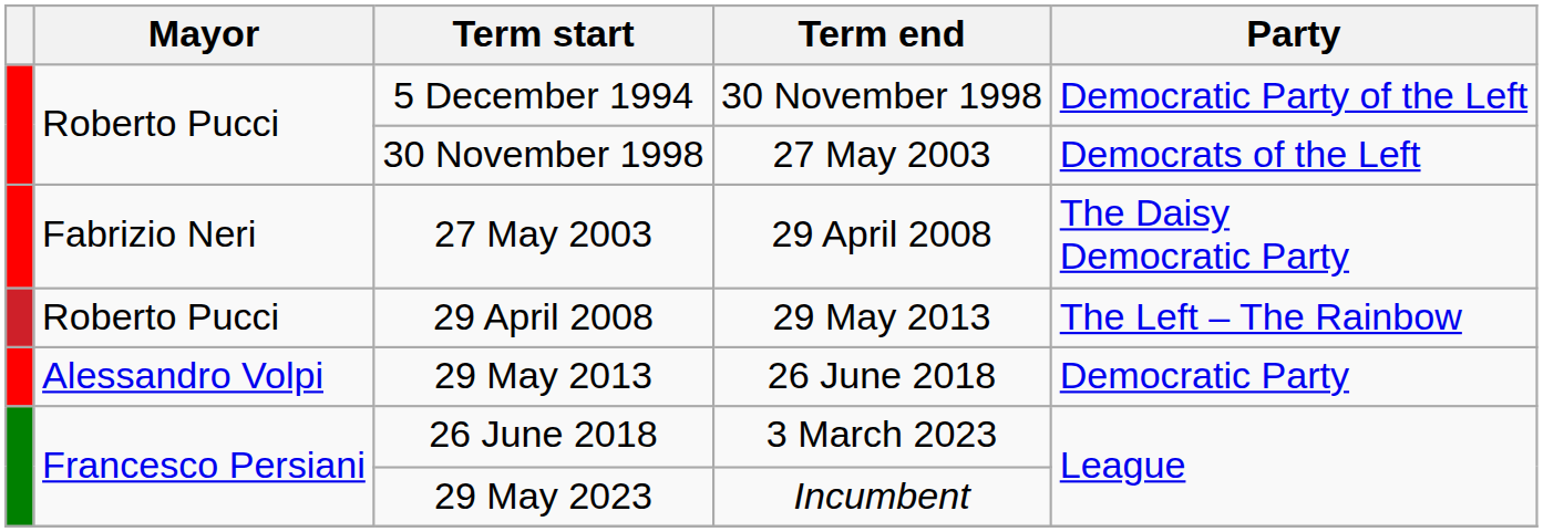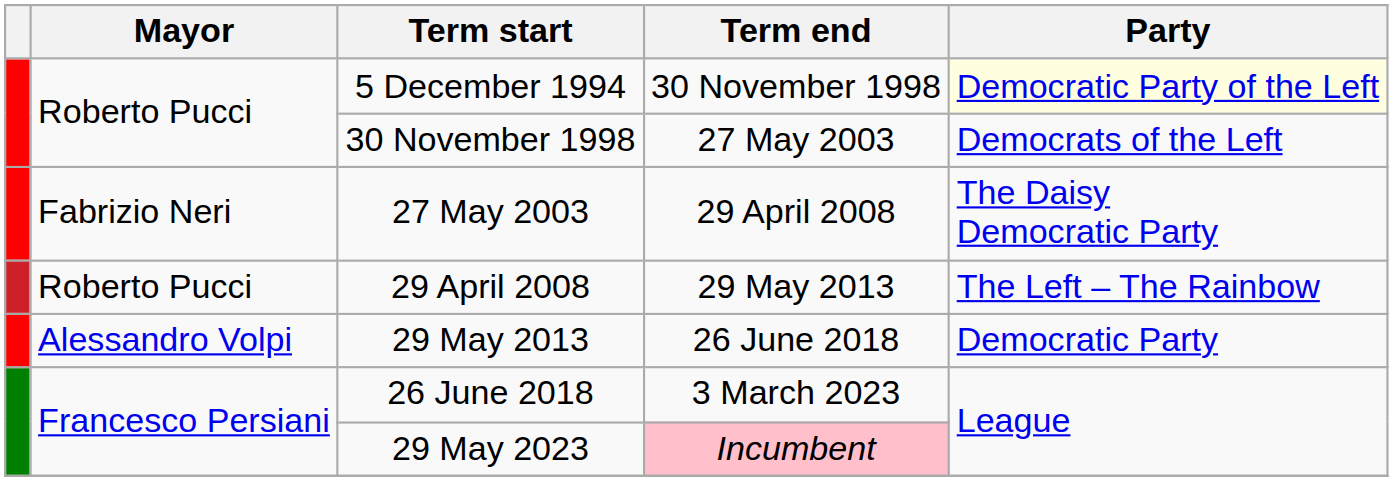 <table class="wikitable">
 <tr>
 <th class=unsortable> </th>
 <th>Mayor</th>
 <th>Term start</th>
 <th>Term end</th>
 <th>Party</th>
 </tr>
 <tr>
 <th rowspan=2 style="background:#FF0000;"></th>
 <td rowspan=2>Roberto Pucci</td>
 <td align=center>5 December 1994</td>
 <td align=center>30 November 1998</td>
-<td><a href='#'>Democratic Party of the Left</a></td>
+<td style="background: lightyellow;"><a href='#'>Democratic Party of the Left</a></td>
 </tr>
 <tr>
 <td align=center>30 November 1998</td>
 <td align=center>27 May 2003</td>
 <td><a href='#'>Democrats of the Left</a></td>
 </tr>
 <tr>
 <th style="background:#FF0000;"></th>
 <td>Fabrizio Neri</td>
 <td align=center>27 May 2003</td>
 <td align=center>29 April 2008</td>
 <td><a href='#'>The Daisy</a><br><a href='#'>Democratic Party</a></td>
 </tr>
 <tr>
 <th style="background:#CE2029;"></th>
 <td>Roberto Pucci</td>
 <td align=center>29 April 2008</td>
 <td align=center>29 May 2013</td>
 <td><a href='#'>The Left – The Rainbow</a></td>
 </tr>
 <tr>
 <th style="background:#FF0000;"></th>
 <td><a href='#'>Alessandro Volpi</a></td>
 <td align=center>29 May 2013</td>
 <td align=center>26 June 2018</td>
 <td><a href='#'>Democratic Party</a></td>
 </tr>
 <tr>
 <th rowspan=2  style="background:#008000;"></th>
 <td rowspan=2><a href='#'>Francesco Persiani</a></td>
 <td align=center>26 June 2018</td>
 <td align=center>3 March 2023</td>
 <td rowspan=2><a href='#'>League</a></td>
 </tr>
 <tr>
 <td align=center>29 May 2023</td>
-<td align=center><em>Incumbent</em></td>
+<td align=center style="background: pink;"><em>Incumbent</em></td>
 </tr>
 <tr>
 </tr>
 </table>
